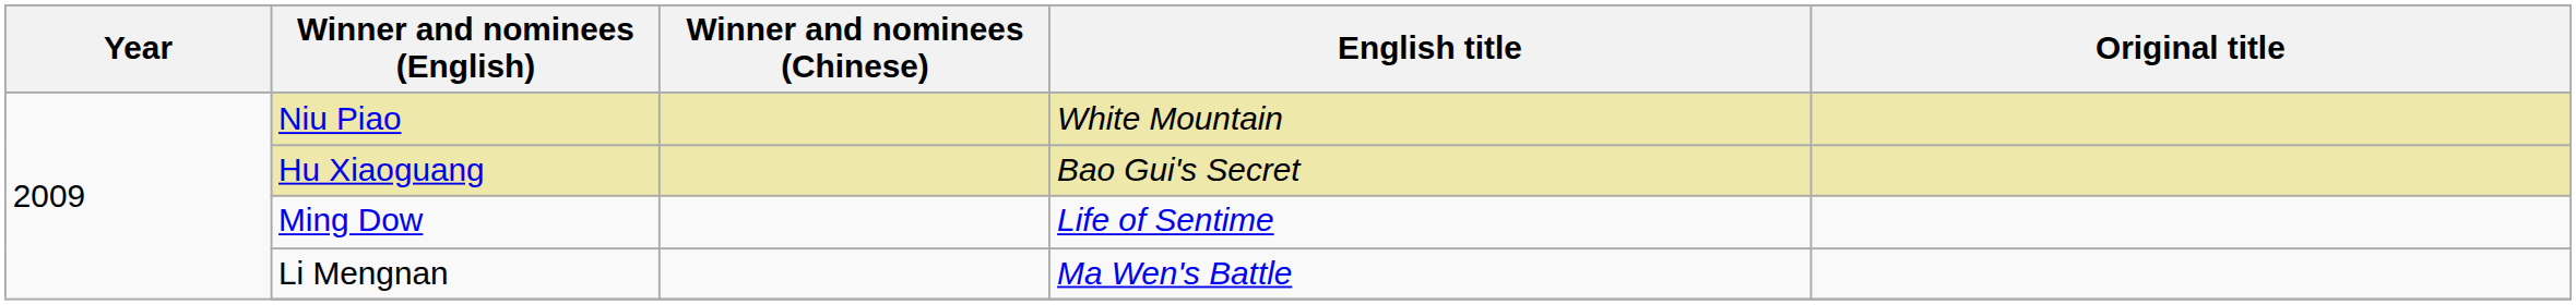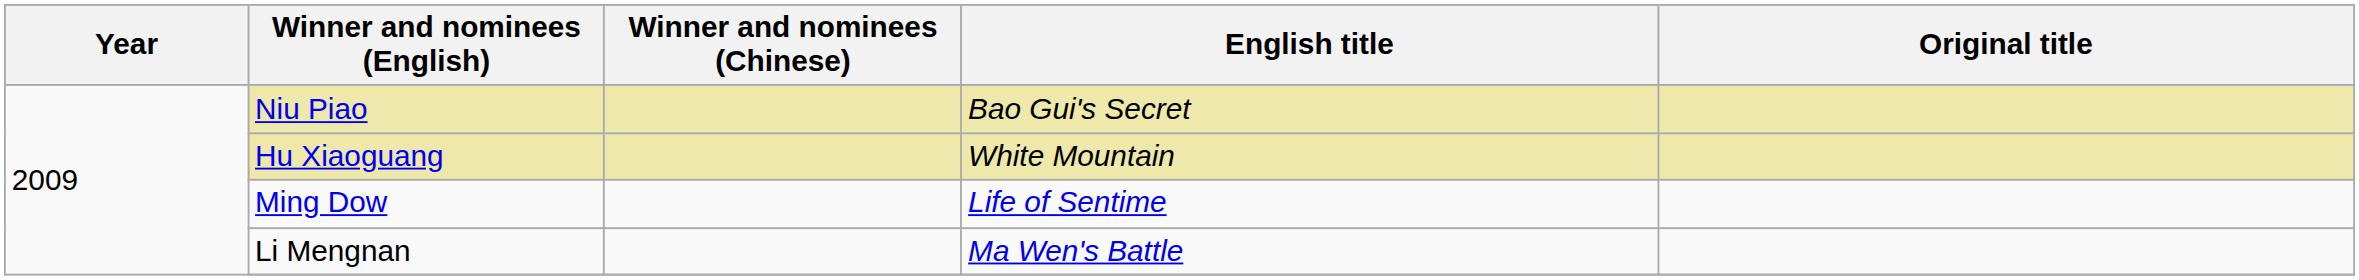 <table class="wikitable" style="width:100%;">
 <tr style="background:#bebebe">
 <th width="100"><strong>Year</strong></th>
 <th width="150"><strong>Winner and nominees<br>(English)</strong></th>
 <th width="150"><strong>Winner and nominees<br>(Chinese)</strong></th>
 <th width="300"><strong>English title</strong></th>
 <th width="300"><strong>Original title</strong></th>
 </tr>
 <tr>
 <td rowspan="5">2009</td>
 <td style="background:#EEE8AA;"><a href='#'>Niu Piao</a></td>
 <td style="background:#EEE8AA;"></td>
-<td style="background:#EEE8AA;"><em>White Mountain</em></td>
+<td style="background:#EEE8AA;"><em>Bao Gui's Secret</em></td>
 <td style="background:#EEE8AA;"></td>
 </tr>
 <tr>
 <td style="background:#EEE8AA;"><a href='#'>Hu Xiaoguang</a></td>
 <td style="background:#EEE8AA;"></td>
-<td style="background:#EEE8AA;"><em>Bao Gui's Secret</em></td>
+<td style="background:#EEE8AA;"><em>White Mountain</em></td>
 <td style="background:#EEE8AA;"></td>
 </tr>
 <tr>
 <td><a href='#'>Ming Dow</a></td>
 <td></td>
 <td><em><a href='#'>Life of Sentime</a></em></td>
 <td></td>
 </tr>
 <tr>
 <td>Li Mengnan</td>
 <td></td>
 <td><em><a href='#'>Ma Wen's Battle</a></em></td>
 <td></td>
 </tr>
 <tr>
 </tr>
 </table>
